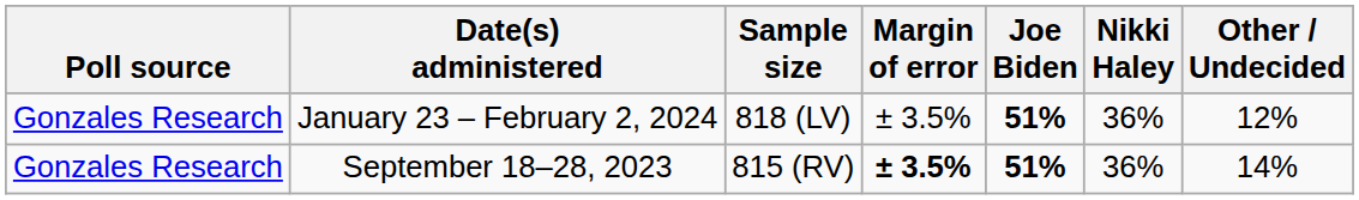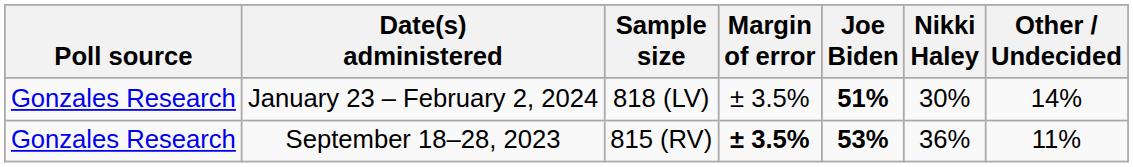 <table class="wikitable sortable mw-datatable" style="font-size:90%;text-align:center;line-height:17px">
 <tr valign=bottom>
 <th>Poll source</th>
 <th>Date(s)<br>administered</th>
 <th>Sample<br>size</th>
 <th>Margin<br>of error</th>
 <th class="unsortable">Joe<br>Biden<br></th>
 <th class="unsortable">Nikki<br>Haley<br></th>
 <th class="unsortable">Other /<br>Undecided</th>
 </tr>
 <tr>
 <td style="text-align:left;"><a href='#'>Gonzales Research</a></td>
 <td data-sort-value=2024-02-02>January 23 – February 2, 2024</td>
 <td>818 (LV)</td>
 <td>± 3.5%</td>
 <td style="color:black;background-color:"><strong>51%</strong></td>
-<td>36%</td>
-<td>12%</td>
+<td>30%</td>
+<td>14%</td>
 </tr>
 <tr>
 <td style="text-align:left;"><a href='#'>Gonzales Research</a></td>
 <td data-sort-value=2023-09-28>September 18–28, 2023</td>
 <td>815 (RV)</td>
 <td><strong>± 3.5%</strong></td>
-<td style="color:black;background-color:"><strong>51%</strong></td>
+<td style="color:black;background-color:"><strong>53%</strong></td>
 <td>36%</td>
-<td>14%</td>
+<td>11%</td>
 </tr>
 </table>
